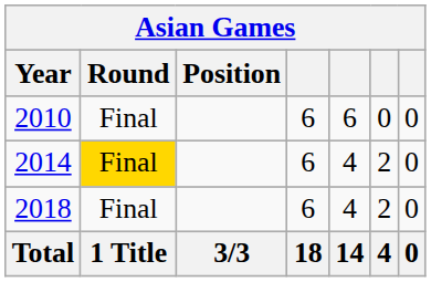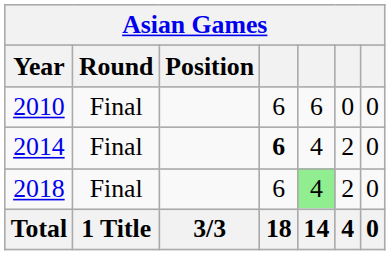 <table class="wikitable" style="text-align: center;">
 <tr>
 <th colspan=7><a href='#'>Asian Games</a></th>
 </tr>
 <tr>
 <th>Year</th>
 <th>Round</th>
 <th>Position</th>
 <th></th>
 <th></th>
 <th></th>
 <th></th>
 </tr>
 <tr>
 <td> <a href='#'>2010</a></td>
 <td>Final</td>
 <td></td>
 <td>6</td>
 <td>6</td>
 <td>0</td>
 <td>0</td>
 </tr>
 <tr>
 <td> <a href='#'>2014</a></td>
-<td style="background: gold;">Final</td>
+<td>Final</td>
 <td></td>
-<td>6</td>
+<td><strong>6</strong></td>
 <td>4</td>
 <td>2</td>
 <td>0</td>
 </tr>
 <tr>
 <td> <a href='#'>2018</a></td>
 <td>Final</td>
 <td></td>
 <td>6</td>
-<td>4</td>
+<td style="background: lightgreen;">4</td>
 <td>2</td>
 <td>0</td>
 </tr>
 <tr>
 <th>Total</th>
 <th>1 Title</th>
 <th>3/3</th>
 <th>18</th>
 <th>14</th>
 <th>4</th>
 <th>0</th>
 </tr>
 </table>
